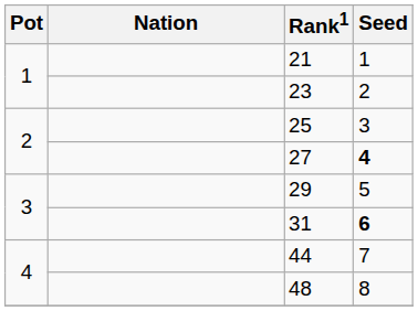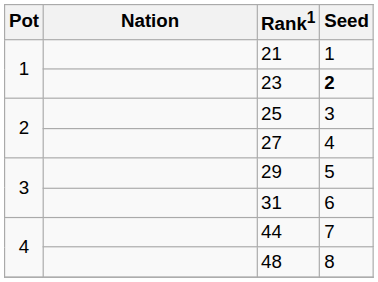 <table class="wikitable">
 <tr>
 <th>Pot</th>
 <th width="175">Nation</th>
 <th>Rank<sup>1</sup></th>
 <th>Seed</th>
 </tr>
 <tr>
 <td rowspan=2 style="text-align:center;">1</td>
 <td></td>
 <td>21</td>
 <td>1</td>
 </tr>
 <tr>
 <td></td>
 <td>23</td>
-<td>2</td>
+<td><strong>2</strong></td>
 </tr>
 <tr>
 <td rowspan=2 style="text-align:center;">2</td>
 <td></td>
 <td>25</td>
 <td>3</td>
 </tr>
 <tr>
 <td></td>
 <td>27</td>
-<td><strong>4</strong></td>
+<td>4</td>
 </tr>
 <tr>
 <td rowspan=2 style="text-align:center;">3</td>
 <td></td>
 <td>29</td>
 <td>5</td>
 </tr>
 <tr>
 <td></td>
 <td>31</td>
-<td><strong>6</strong></td>
+<td>6</td>
 </tr>
 <tr>
 <td rowspan=2 style="text-align:center;">4</td>
 <td></td>
 <td>44</td>
 <td>7</td>
 </tr>
 <tr>
 <td></td>
 <td>48</td>
 <td>8</td>
 </tr>
 <tr>
 </tr>
 </table>
